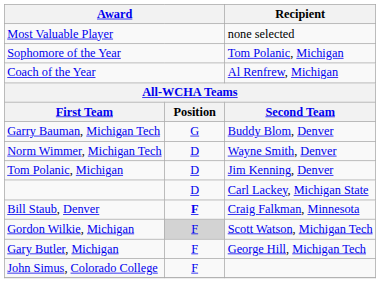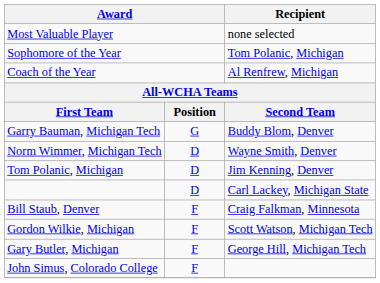 <table class="wikitable">
 <tr>
 <th colspan=2><a href='#'>Award</a></th>
 <th>Recipient</th>
 </tr>
 <tr>
 <td colspan=2><a href='#'>Most Valuable Player</a></td>
 <td>none selected</td>
 </tr>
 <tr>
 <td colspan=2><a href='#'>Sophomore of the Year</a></td>
 <td><a href='#'>Tom Polanic</a>, <a href='#'>Michigan</a></td>
 </tr>
 <tr>
 <td colspan=2><a href='#'>Coach of the Year</a></td>
 <td><a href='#'>Al Renfrew</a>, <a href='#'>Michigan</a></td>
 </tr>
 <tr>
 <th colspan=3><a href='#'>All-WCHA Teams</a></th>
 </tr>
 <tr>
 <th><a href='#'>First Team</a></th>
 <th>  Position  </th>
 <th><a href='#'>Second Team</a></th>
 </tr>
 <tr>
 <td><a href='#'>Garry Bauman</a>, <a href='#'>Michigan Tech</a></td>
 <td align=center><a href='#'>G</a></td>
 <td><a href='#'>Buddy Blom</a>, <a href='#'>Denver</a></td>
 </tr>
 <tr>
 <td><a href='#'>Norm Wimmer</a>, <a href='#'>Michigan Tech</a></td>
 <td align=center><a href='#'>D</a></td>
 <td><a href='#'>Wayne Smith</a>, <a href='#'>Denver</a></td>
 </tr>
 <tr>
 <td><a href='#'>Tom Polanic</a>, <a href='#'>Michigan</a></td>
 <td align=center><a href='#'>D</a></td>
 <td><a href='#'>Jim Kenning</a>, <a href='#'>Denver</a></td>
 </tr>
 <tr>
 <td></td>
 <td align=center><a href='#'>D</a></td>
 <td><a href='#'>Carl Lackey</a>, <a href='#'>Michigan State</a></td>
 </tr>
 <tr>
 <td><a href='#'>Bill Staub</a>, <a href='#'>Denver</a></td>
-<td align=center><strong><a href='#'>F</a></strong></td>
+<td align=center><a href='#'>F</a></td>
 <td><a href='#'>Craig Falkman</a>, <a href='#'>Minnesota</a></td>
 </tr>
 <tr>
 <td><a href='#'>Gordon Wilkie</a>, <a href='#'>Michigan</a></td>
-<td align=center style="background: lightgrey;"><a href='#'>F</a></td>
+<td align=center><a href='#'>F</a></td>
 <td><a href='#'>Scott Watson</a>, <a href='#'>Michigan Tech</a></td>
 </tr>
 <tr>
 <td><a href='#'>Gary Butler</a>, <a href='#'>Michigan</a></td>
 <td align=center><a href='#'>F</a></td>
 <td><a href='#'>George Hill</a>, <a href='#'>Michigan Tech</a></td>
 </tr>
 <tr>
 <td><a href='#'>John Simus</a>, <a href='#'>Colorado College</a></td>
 <td align=center><a href='#'>F</a></td>
 <td></td>
 </tr>
 <tr>
 </tr>
 </table>
